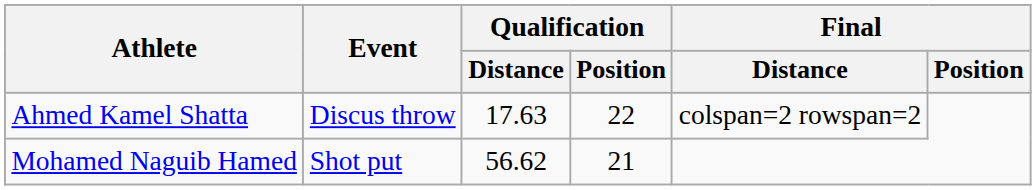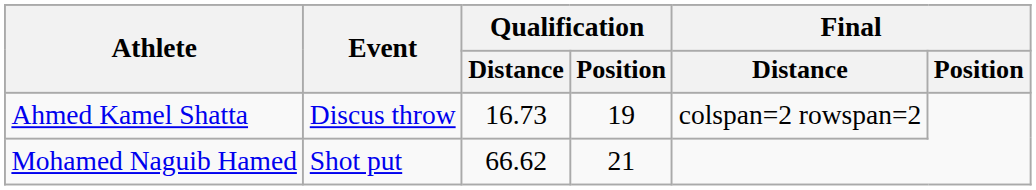 <table class=wikitable style=font-size:90%>
 <tr>
 <th rowspan=2>Athlete</th>
 <th rowspan=2>Event</th>
 <th colspan=2>Qualification</th>
 <th colspan=2>Final</th>
 </tr>
 <tr style=font-size:95%>
 <th>Distance</th>
 <th>Position</th>
 <th>Distance</th>
 <th>Position</th>
 </tr>
 <tr align=center>
 <td align=left><a href='#'>Ahmed Kamel Shatta</a></td>
 <td align=left><a href='#'>Discus throw</a></td>
-<td>17.63</td>
-<td>22</td>
+<td>16.73</td>
+<td>19</td>
 <td>colspan=2 rowspan=2 </td>
 </tr>
 <tr align=center>
 <td align=left><a href='#'>Mohamed Naguib Hamed</a></td>
 <td align=left><a href='#'>Shot put</a></td>
-<td>56.62</td>
+<td>66.62</td>
 <td>21</td>
 </tr>
 </table>
